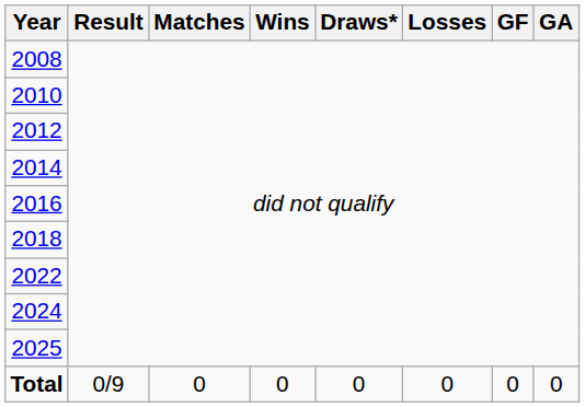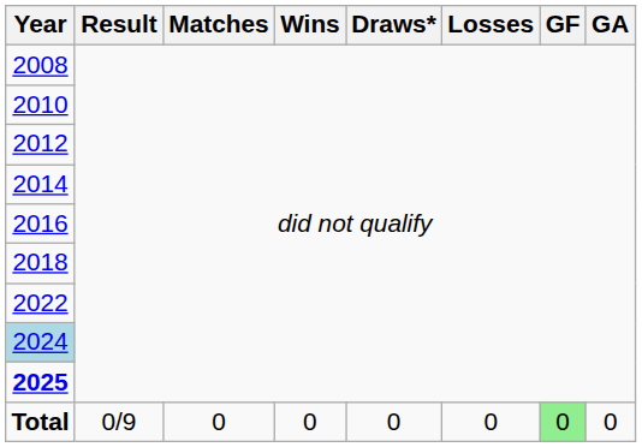 <table class="wikitable" style="text-align: center;">
 <tr>
 <th>Year</th>
 <th>Result</th>
 <th>Matches</th>
 <th>Wins</th>
 <th>Draws*</th>
 <th>Losses</th>
 <th>GF</th>
 <th>GA</th>
 </tr>
 <tr>
 <td> <a href='#'>2008</a></td>
 <td rowspan=9 colspan=7><em>did not qualify</em></td>
 </tr>
 <tr>
 <td> <a href='#'>2010</a></td>
 </tr>
 <tr>
 <td> <a href='#'>2012</a></td>
 </tr>
 <tr>
 <td> <a href='#'>2014</a></td>
 </tr>
 <tr>
 <td> <a href='#'>2016</a></td>
 </tr>
 <tr>
 <td> <a href='#'>2018</a></td>
 </tr>
 <tr>
 <td> <a href='#'>2022</a></td>
 </tr>
 <tr>
-<td> <a href='#'>2024</a></td>
+<td style="background: lightblue;"> <a href='#'>2024</a></td>
 </tr>
 <tr>
-<td> <a href='#'>2025</a></td>
+<td><strong> <a href='#'>2025</a></strong></td>
 </tr>
 <tr>
 <td><strong>Total</strong></td>
 <td>0/9</td>
 <td>0</td>
 <td>0</td>
 <td>0</td>
 <td>0</td>
-<td>0</td>
+<td style="background: lightgreen;">0</td>
 <td>0</td>
 </tr>
 </table>
